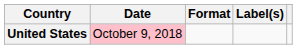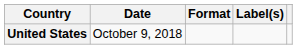 <table class="wikitable plainrowheaders">
 <tr>
 <th scope="col">Country</th>
 <th scope="col">Date</th>
 <th scope="col">Format</th>
 <th scope="col">Label(s)</th>
 <th scope="col"></th>
 </tr>
 <tr>
 <th scope="row">United States</th>
-<td style="background: pink;">October 9, 2018</td>
+<td>October 9, 2018</td>
 <td></td>
 <td></td>
 </tr>
 </table>
